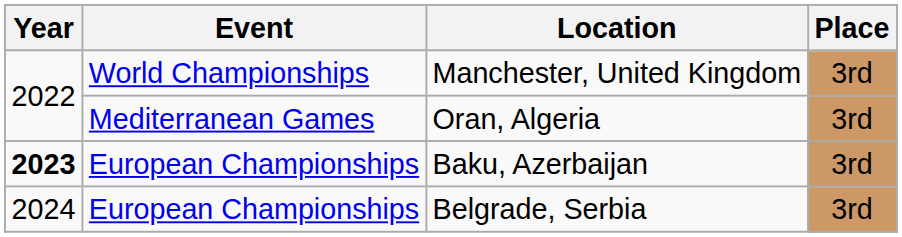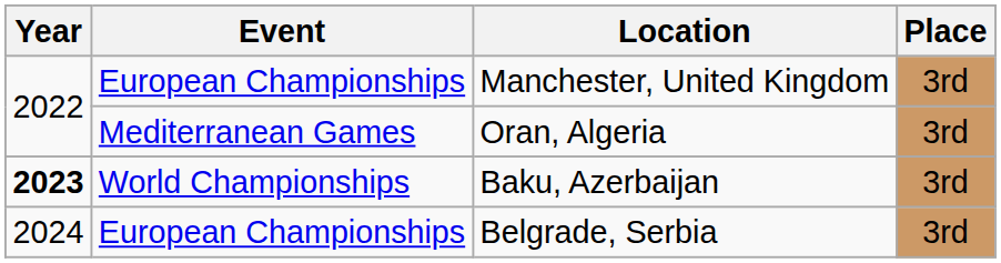 <table class="wikitable" style="text-align:center; font-size:95%;">
 <tr>
 <th align=center>Year</th>
 <th>Event</th>
 <th>Location</th>
 <th>Place</th>
 </tr>
 <tr>
 <td rowspan=2>2022</td>
-<td align="left"><a href='#'>World Championships</a></td>
+<td align="left"><a href='#'>European Championships</a></td>
 <td align="left">Manchester, United Kingdom</td>
 <td align="center" bgcolor="cc9966">3rd</td>
 </tr>
 <tr>
 <td align="left"><a href='#'>Mediterranean Games</a></td>
 <td align="left">Oran, Algeria</td>
 <td align="center" bgcolor="cc9966">3rd</td>
 </tr>
 <tr>
 <td><strong>2023</strong></td>
-<td align="left"><a href='#'>European Championships</a></td>
+<td align="left"><a href='#'>World Championships</a></td>
 <td align="left">Baku, Azerbaijan</td>
 <td align="center" bgcolor="cc9966">3rd</td>
 </tr>
 <tr>
 <td>2024</td>
 <td align="left"><a href='#'>European Championships</a></td>
 <td align="left">Belgrade, Serbia</td>
 <td align="center" bgcolor="cc9966">3rd</td>
 </tr>
 </table>
